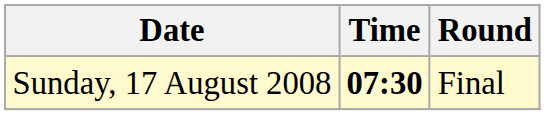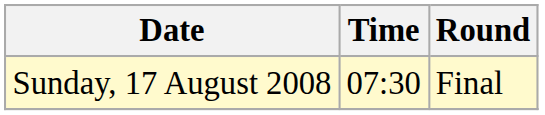 <table class="wikitable">
 <tr>
 <th>Date</th>
 <th>Time</th>
 <th>Round</th>
 </tr>
 <tr>
 <td style=background:lemonchiffon>Sunday, 17 August 2008</td>
-<td style=background:lemonchiffon><strong>07:30</strong></td>
+<td style=background:lemonchiffon>07:30</td>
 <td style=background:lemonchiffon>Final</td>
 </tr>
 <tr>
 </tr>
 </table>
